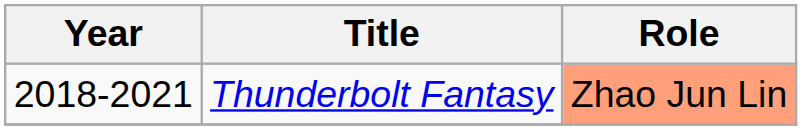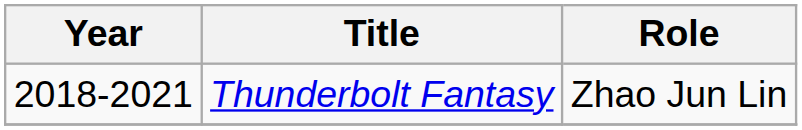 <table class="wikitable sortable">
 <tr>
 <th>Year</th>
 <th>Title</th>
 <th>Role</th>
 </tr>
 <tr>
 <td>2018-2021</td>
 <td><em><a href='#'>Thunderbolt Fantasy</a></em></td>
-<td style="background: lightsalmon;">Zhao Jun Lin</td>
+<td>Zhao Jun Lin</td>
 </tr>
 <tr>
 </tr>
 </table>
